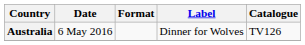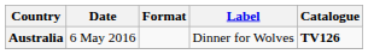 <table class="wikitable plainrowheaders">
 <tr>
 <th scope="col">Country</th>
 <th scope="col">Date</th>
 <th scope="col">Format</th>
 <th scope="col"><a href='#'>Label</a></th>
 <th scope="col">Catalogue</th>
 </tr>
 <tr>
 <th scope="row">Australia</th>
 <td>6 May 2016</td>
 <td></td>
 <td>Dinner for Wolves</td>
-<td>TV126</td>
+<td><strong>TV126</strong></td>
 </tr>
 <tr>
 </tr>
 </table>
